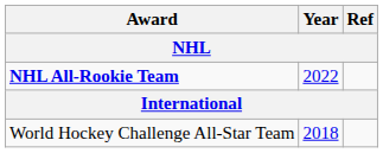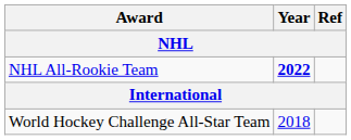 <table class="wikitable">
 <tr>
 <th>Award</th>
 <th>Year</th>
 <th>Ref</th>
 </tr>
 <tr>
 <th colspan="3"><a href='#'>NHL</a></th>
 </tr>
 <tr>
-<td><strong><a href='#'>NHL All-Rookie Team</a></strong></td>
-<td><a href='#'>2022</a></td>
+<td><a href='#'>NHL All-Rookie Team</a></td>
+<td><strong><a href='#'>2022</a></strong></td>
 </tr>
 <tr>
 <th colspan="3"><a href='#'>International</a></th>
 </tr>
 <tr>
 <td>World Hockey Challenge All-Star Team</td>
 <td><a href='#'>2018</a></td>
 <td></td>
 </tr>
 </table>
